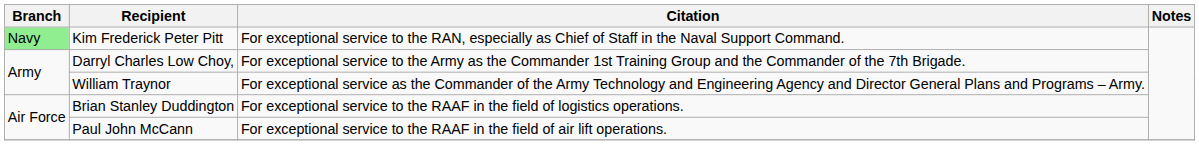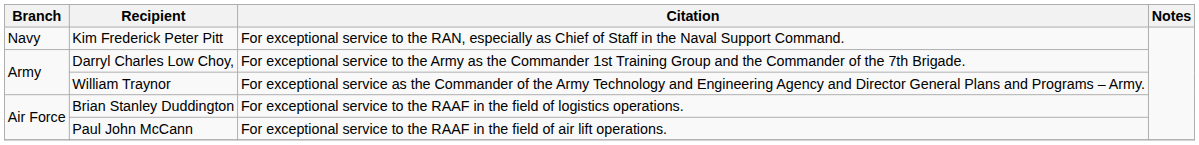 <table class="wikitable" style="font-size:95%;">
 <tr>
 <th>Branch</th>
 <th>Recipient</th>
 <th>Citation</th>
 <th>Notes</th>
 </tr>
 <tr>
-<td style="background: lightgreen;">Navy</td>
+<td>Navy</td>
 <td> Kim Frederick Peter Pitt </td>
 <td>For exceptional service to the RAN, especially as Chief of Staff in the Naval Support Command.</td>
 <td rowspan=5></td>
 </tr>
 <tr>
 <td rowspan=2>Army</td>
 <td> Darryl Charles Low Choy, </td>
 <td>For exceptional service to the Army as the Commander 1st Training Group and the Commander of the 7th Brigade.</td>
 </tr>
 <tr>
 <td> William Traynor</td>
 <td>For exceptional service as the Commander of the Army Technology and Engineering Agency and Director General Plans and Programs – Army.</td>
 </tr>
 <tr>
 <td rowspan=2>Air Force</td>
 <td> Brian Stanley Duddington </td>
 <td>For exceptional service to the RAAF in the field of logistics operations.</td>
 </tr>
 <tr>
 <td> Paul John McCann</td>
 <td>For exceptional service to the RAAF in the field of air lift operations.</td>
 </tr>
 <tr>
 </tr>
 </table>
